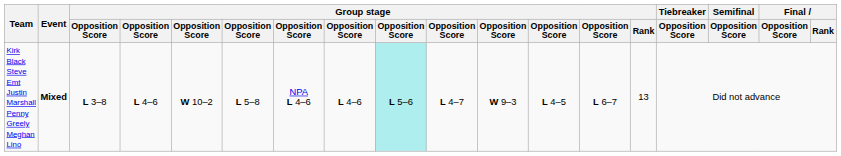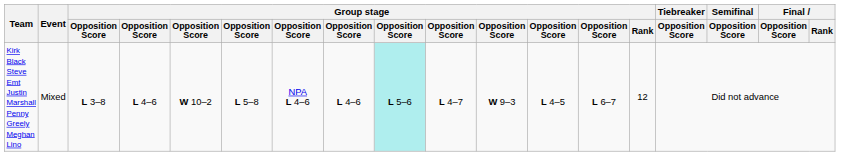 <table class=wikitable style="font-size:90%">
 <tr>
 <th rowspan=2>Team</th>
 <th rowspan=2>Event</th>
 <th colspan=12>Group stage</th>
 <th>Tiebreaker</th>
 <th>Semifinal</th>
 <th colspan=2>Final / </th>
 </tr>
 <tr style="font-size:95%">
 <th>Opposition<br>Score</th>
 <th>Opposition<br>Score</th>
 <th>Opposition<br>Score</th>
 <th>Opposition<br>Score</th>
 <th>Opposition<br>Score</th>
 <th>Opposition<br>Score</th>
 <th>Opposition<br>Score</th>
 <th>Opposition<br>Score</th>
 <th>Opposition<br>Score</th>
 <th>Opposition<br>Score</th>
 <th>Opposition<br>Score</th>
 <th>Rank</th>
 <th>Opposition<br>Score</th>
 <th>Opposition<br>Score</th>
 <th>Opposition<br>Score</th>
 <th>Rank</th>
 </tr>
 <tr align="center">
 <td align="left"><small><a href='#'>Kirk Black</a><br><a href='#'>Steve Emt</a><br><a href='#'>Justin Marshall</a><br><a href='#'>Penny Greely</a><br><a href='#'>Meghan Lino</a></small></td>
-<td><strong>Mixed</strong></td>
+<td>Mixed</td>
 <td><br> <strong>L</strong> 3–8</td>
 <td><br> <strong>L</strong> 4–6</td>
 <td><br> <strong>W</strong> 10–2</td>
 <td><br> <strong>L</strong> 5–8</td>
 <td> <a href='#'>NPA</a><br> <strong>L</strong> 4–6</td>
 <td><br> <strong>L</strong> 4–6</td>
 <td style="background: paleturquoise;"><br> <strong>L</strong> 5–6</td>
 <td><br><strong>L</strong> 4–7</td>
 <td><br><strong>W</strong> 9–3</td>
 <td><br><strong>L</strong> 4–5</td>
 <td><br><strong>L</strong> 6–7</td>
-<td>13</td>
+<td>12</td>
 <td colspan=4>Did not advance</td>
 </tr>
 </table>
